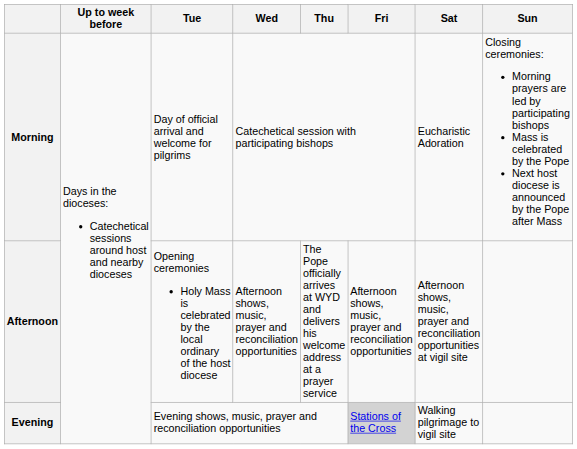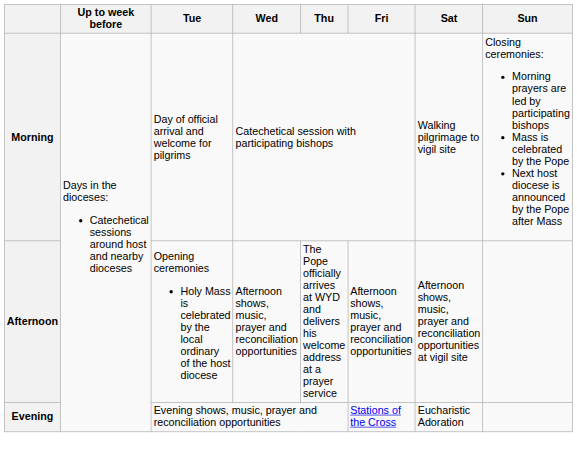 <table class="wikitable">
 <tr>
 <th></th>
 <th>Up to week before</th>
 <th>Tue</th>
 <th>Wed</th>
 <th>Thu</th>
 <th>Fri</th>
 <th>Sat</th>
 <th>Sun</th>
 </tr>
 <tr>
 <th>Morning</th>
 <td rowspan=3>Days in the dioceses:<br><ul><li>Catechetical sessions around host and nearby dioceses</li></ul></td>
 <td>Day of official arrival and welcome for pilgrims</td>
 <td colspan="3">Catechetical session with participating bishops</td>
-<td>Eucharistic Adoration</td>
+<td>Walking pilgrimage to vigil site</td>
 <td>Closing ceremonies:<br><ul><li>Morning prayers are led by participating bishops</li><li>Mass is celebrated by the Pope</li><li>Next host diocese is announced by the Pope after Mass</li></ul></td>
 </tr>
 <tr>
 <th>Afternoon</th>
 <td>Opening ceremonies<br><ul><li>Holy Mass is celebrated by the local ordinary of the host diocese</li></ul></td>
 <td>Afternoon shows, music, prayer and reconciliation opportunities</td>
 <td>The Pope officially arrives at WYD and delivers his welcome address at a prayer service</td>
 <td>Afternoon shows, music, prayer and reconciliation opportunities</td>
 <td>Afternoon shows, music, prayer and reconciliation opportunities at vigil site</td>
 <td></td>
 </tr>
 <tr>
 <th>Evening</th>
 <td colspan="3">Evening shows, music, prayer and reconciliation opportunities</td>
-<td style="background: lightgrey;"><a href='#'>Stations of the Cross</a></td>
-<td>Walking pilgrimage to vigil site</td>
+<td><a href='#'>Stations of the Cross</a></td>
+<td>Eucharistic Adoration</td>
 <td></td>
 </tr>
 </table>
